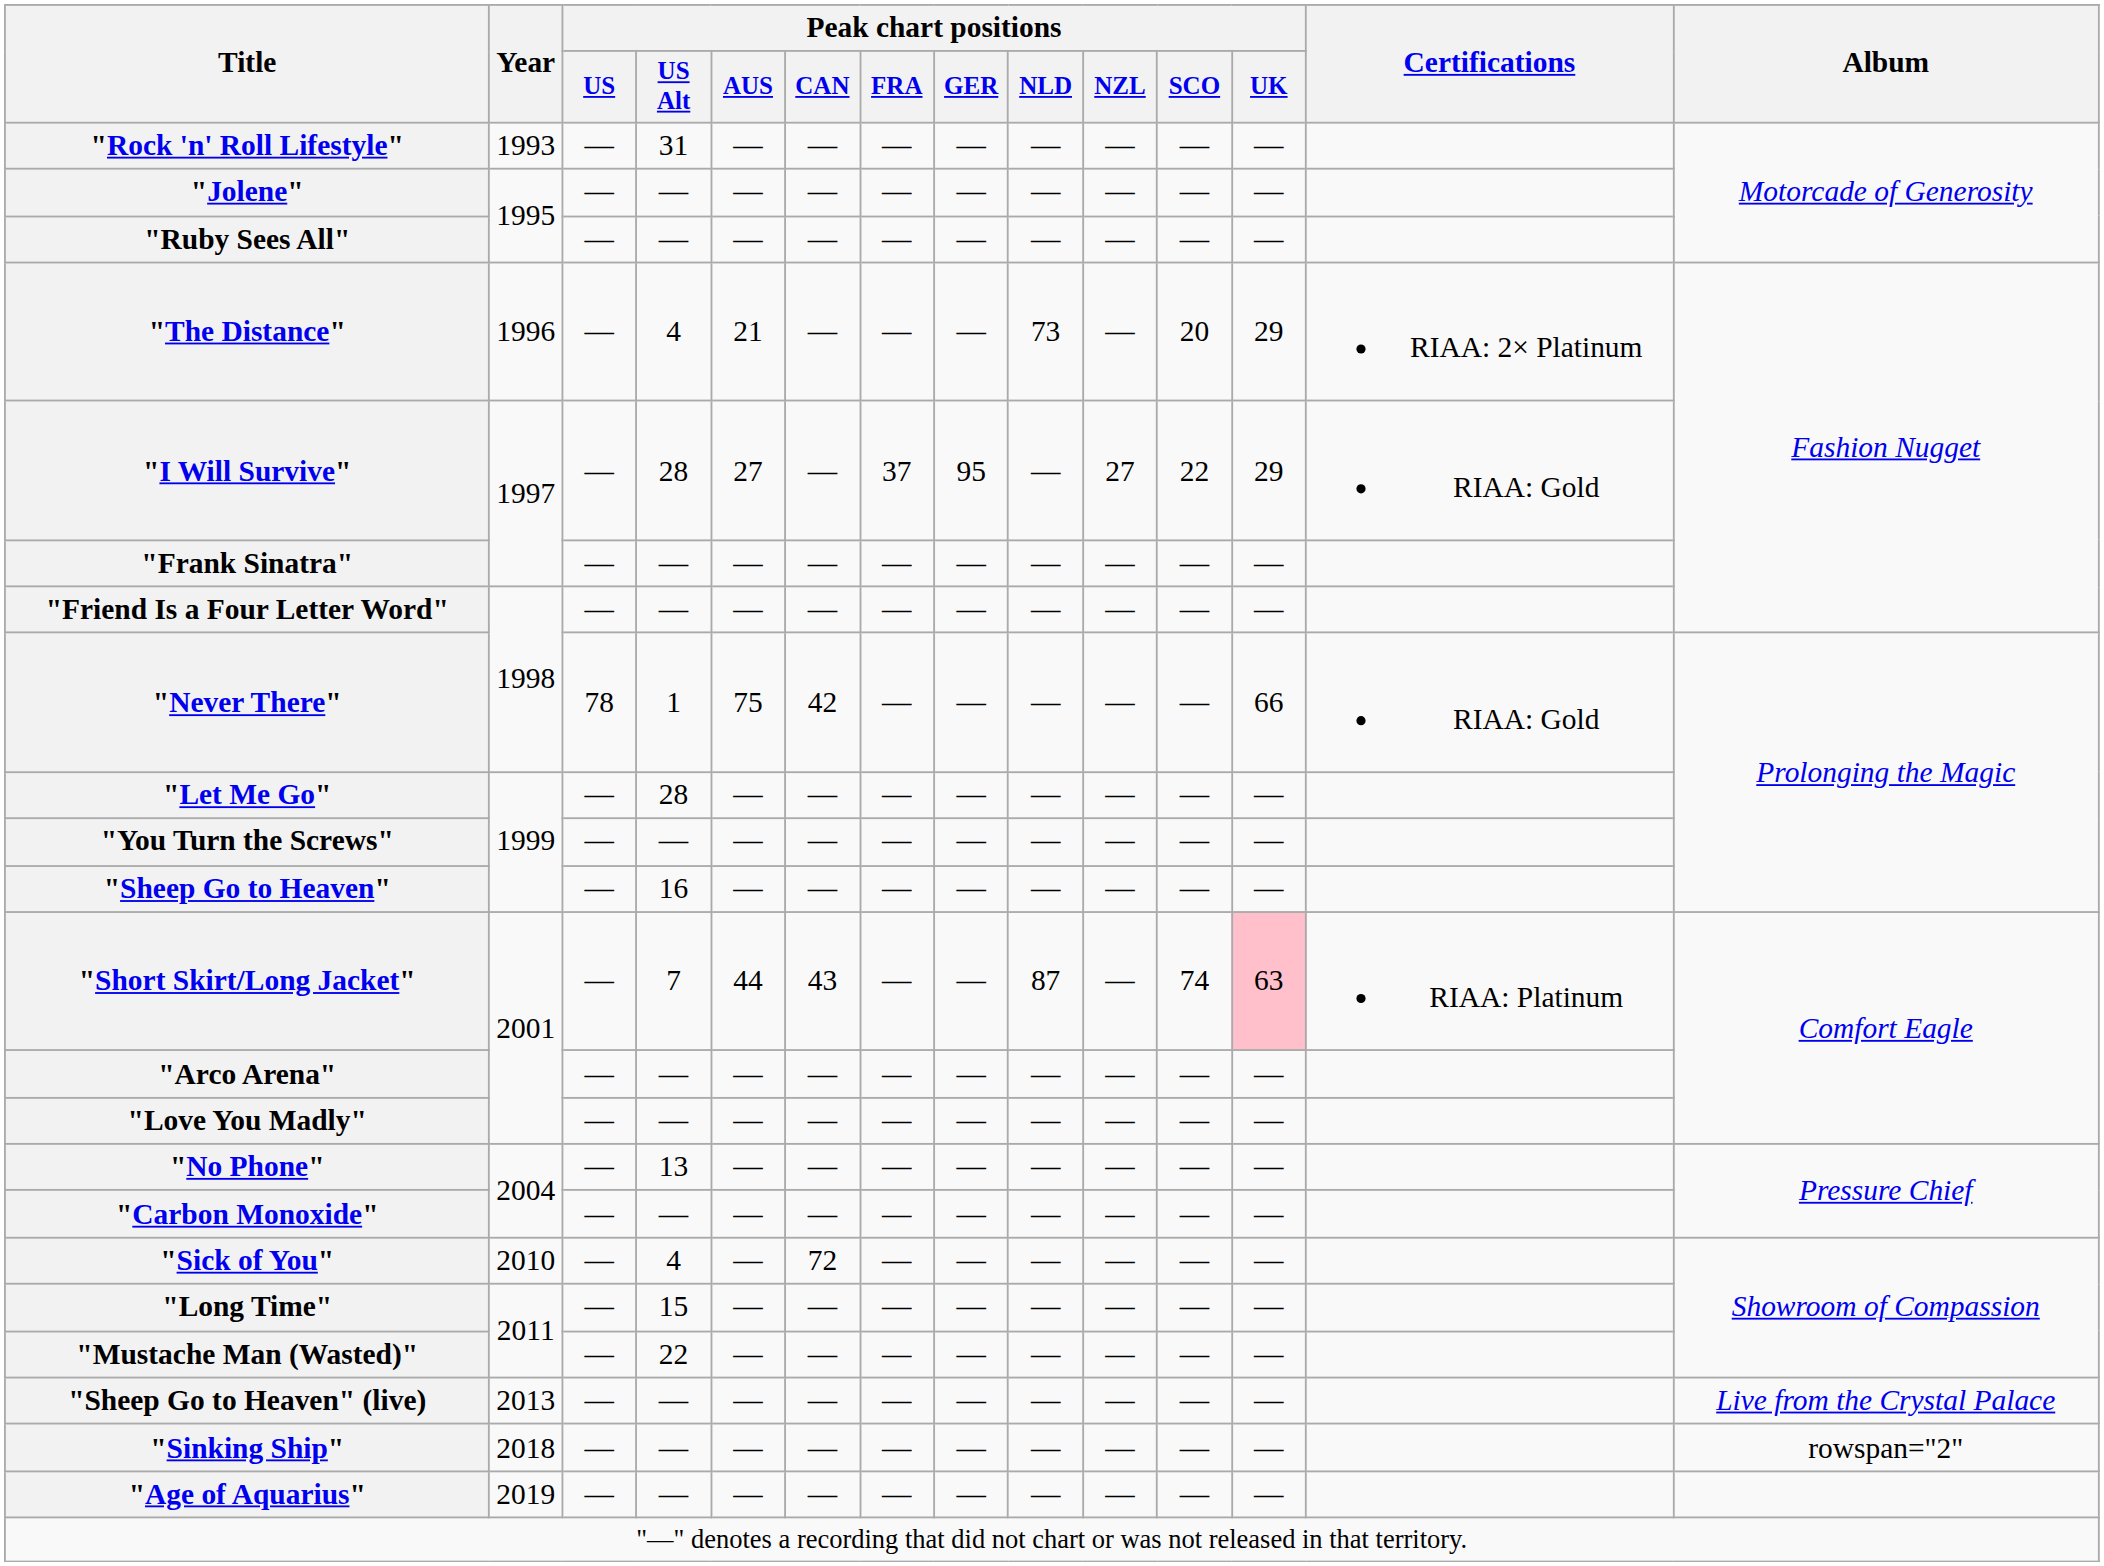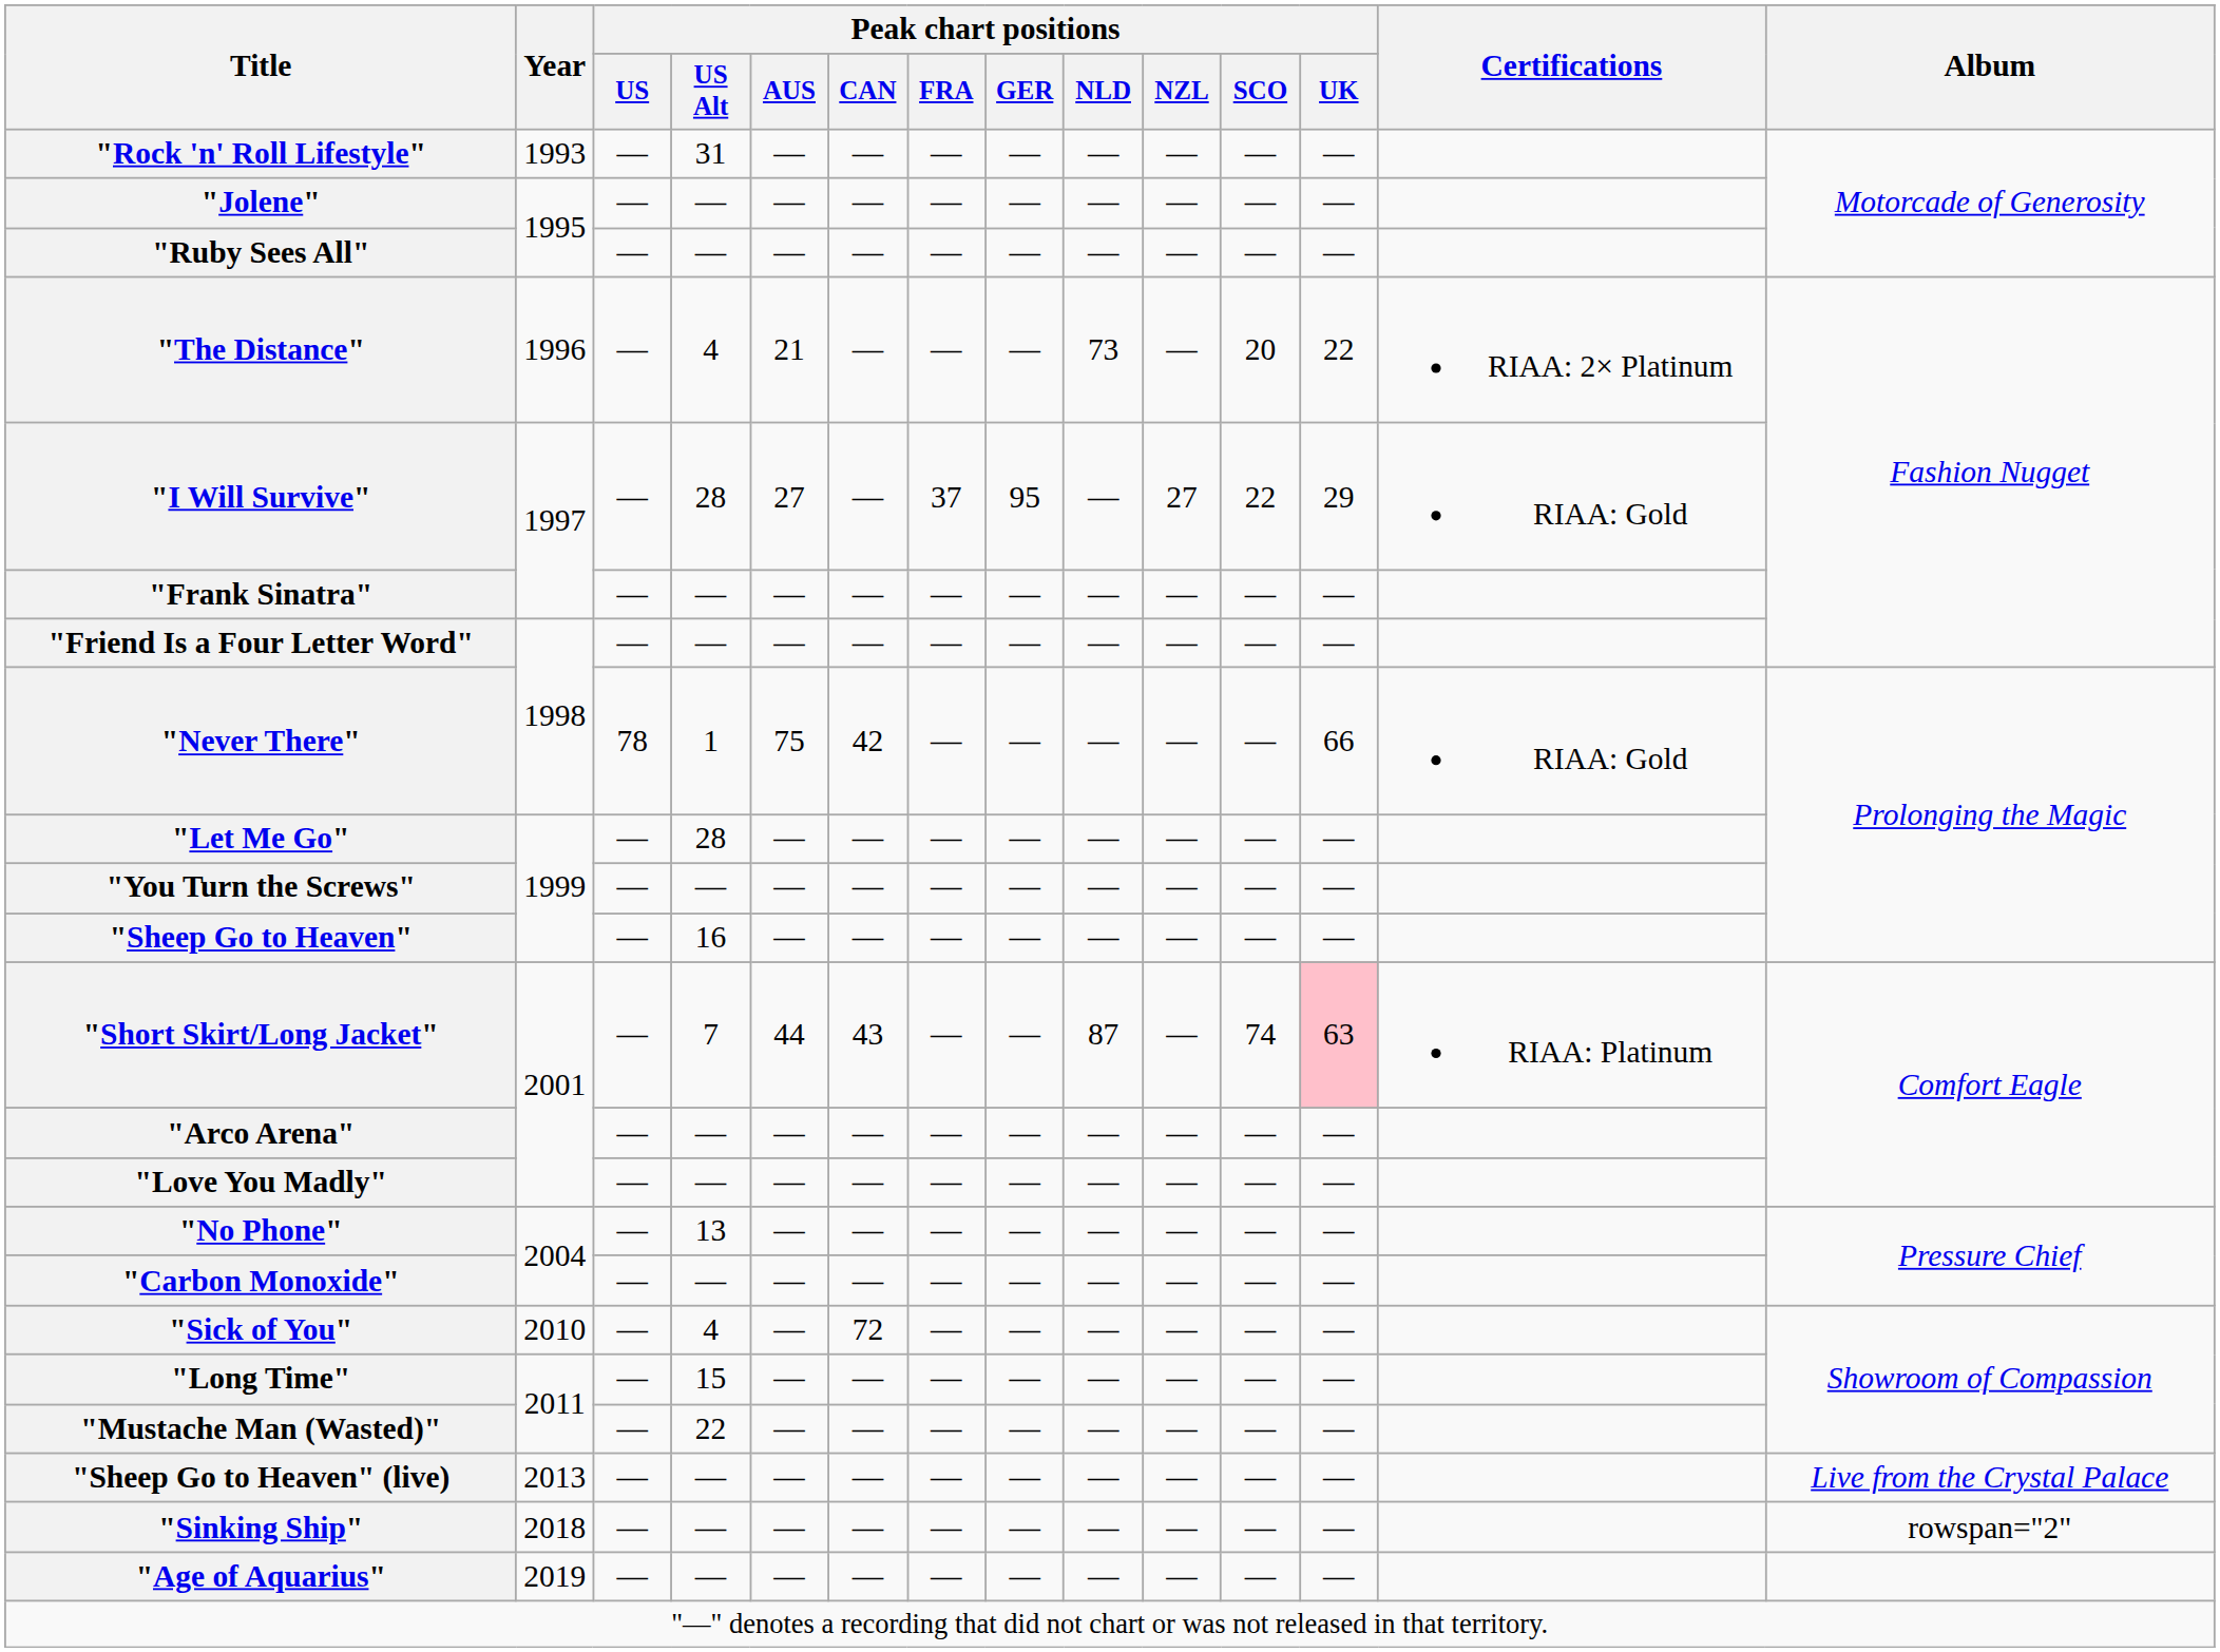 <table class="wikitable plainrowheaders" style="text-align:center;">
 <tr>
 <th scope="col" rowspan="2" style="width:16em;">Title</th>
 <th scope="col" rowspan="2" style="width:2em;">Year</th>
 <th scope="col" colspan="10">Peak chart positions</th>
 <th scope="col" rowspan="2" style="width:12em;"><a href='#'>Certifications</a></th>
 <th scope="col" rowspan="2" style="width:14em;">Album</th>
 </tr>
 <tr>
 <th scope="col" style="width:2.5em; font-size:85%;"><a href='#'>US</a><br></th>
 <th scope="col" style="width:2.5em; font-size:85%;"><a href='#'>US<br>Alt</a><br></th>
 <th scope="col" style="width:2.5em; font-size:85%;"><a href='#'>AUS</a><br></th>
 <th scope="col" style="width:2.5em; font-size:85%;"><a href='#'>CAN</a><br></th>
 <th scope="col" style="width:2.5em; font-size:85%;"><a href='#'>FRA</a><br></th>
 <th scope="col" style="width:2.5em; font-size:85%;"><a href='#'>GER</a><br></th>
 <th scope="col" style="width:2.5em; font-size:85%;"><a href='#'>NLD</a><br></th>
 <th scope="col" style="width:2.5em; font-size:85%;"><a href='#'>NZL</a><br></th>
 <th scope="col" style="width:2.5em; font-size:85%;"><a href='#'>SCO</a><br></th>
 <th scope="col" style="width:2.5em; font-size:85%;"><a href='#'>UK</a><br></th>
 </tr>
 <tr>
 <th scope="row">"<a href='#'>Rock 'n' Roll Lifestyle</a>"</th>
 <td>1993</td>
 <td>—</td>
 <td>31</td>
 <td>—</td>
 <td>—</td>
 <td>—</td>
 <td>—</td>
 <td>—</td>
 <td>—</td>
 <td>—</td>
 <td>—</td>
 <td></td>
 <td rowspan="3"><em><a href='#'>Motorcade of Generosity</a></em></td>
 </tr>
 <tr>
 <th scope="row">"<a href='#'>Jolene</a>"</th>
 <td rowspan="2">1995</td>
 <td>—</td>
 <td>—</td>
 <td>—</td>
 <td>—</td>
 <td>—</td>
 <td>—</td>
 <td>—</td>
 <td>—</td>
 <td>—</td>
 <td>—</td>
 <td></td>
 </tr>
 <tr>
 <th scope="row">"Ruby Sees All"</th>
 <td>—</td>
 <td>—</td>
 <td>—</td>
 <td>—</td>
 <td>—</td>
 <td>—</td>
 <td>—</td>
 <td>—</td>
 <td>—</td>
 <td>—</td>
 <td></td>
 </tr>
 <tr>
 <th scope="row">"<a href='#'>The Distance</a>"</th>
 <td>1996</td>
 <td align="center">—</td>
 <td>4</td>
 <td>21</td>
 <td>—</td>
 <td>—</td>
 <td>—</td>
 <td>73</td>
 <td>—</td>
 <td>20</td>
-<td>29</td>
+<td>22</td>
 <td><br><ul><li>RIAA: 2× Platinum</li></ul></td>
 <td rowspan="4"><em><a href='#'>Fashion Nugget</a></em></td>
 </tr>
 <tr>
 <th scope="row">"<a href='#'>I Will Survive</a>"</th>
 <td rowspan="2">1997</td>
 <td>—</td>
 <td>28</td>
 <td>27</td>
 <td>—</td>
 <td>37</td>
 <td>95</td>
 <td>—</td>
 <td>27</td>
 <td>22</td>
 <td>29</td>
 <td><br><ul><li>RIAA: Gold</li></ul></td>
 </tr>
 <tr>
 <th scope="row">"Frank Sinatra"</th>
 <td>—</td>
 <td>—</td>
 <td>—</td>
 <td>—</td>
 <td>—</td>
 <td>—</td>
 <td>—</td>
 <td>—</td>
 <td>—</td>
 <td>—</td>
 <td></td>
 </tr>
 <tr>
 <th scope="row">"Friend Is a Four Letter Word"</th>
 <td rowspan="2">1998</td>
 <td>—</td>
 <td>—</td>
 <td>—</td>
 <td>—</td>
 <td>—</td>
 <td>—</td>
 <td>—</td>
 <td>—</td>
 <td>—</td>
 <td>—</td>
 <td></td>
 </tr>
 <tr>
 <th scope="row">"<a href='#'>Never There</a>"</th>
 <td>78</td>
 <td>1</td>
 <td>75</td>
 <td>42</td>
 <td>—</td>
 <td>—</td>
 <td>—</td>
 <td>—</td>
 <td>—</td>
 <td>66</td>
 <td><br><ul><li>RIAA: Gold</li></ul></td>
 <td rowspan="4"><em><a href='#'>Prolonging the Magic</a></em></td>
 </tr>
 <tr>
 <th scope="row">"<a href='#'>Let Me Go</a>"</th>
 <td rowspan="3">1999</td>
 <td>—</td>
 <td>28</td>
 <td>—</td>
 <td>—</td>
 <td>—</td>
 <td>—</td>
 <td>—</td>
 <td>—</td>
 <td>—</td>
 <td>—</td>
 <td></td>
 </tr>
 <tr>
 <th scope="row">"You Turn the Screws"</th>
 <td>—</td>
 <td>—</td>
 <td>—</td>
 <td>—</td>
 <td>—</td>
 <td>—</td>
 <td>—</td>
 <td>—</td>
 <td>—</td>
 <td>—</td>
 <td></td>
 </tr>
 <tr>
 <th scope="row">"<a href='#'>Sheep Go to Heaven</a>"</th>
 <td>—</td>
 <td>16</td>
 <td>—</td>
 <td>—</td>
 <td>—</td>
 <td>—</td>
 <td>—</td>
 <td>—</td>
 <td>—</td>
 <td>—</td>
 <td></td>
 </tr>
 <tr>
 <th scope="row">"<a href='#'>Short Skirt/Long Jacket</a>"</th>
 <td rowspan="3">2001</td>
 <td>—</td>
 <td>7</td>
 <td>44</td>
 <td>43</td>
 <td>—</td>
 <td>—</td>
 <td>87</td>
 <td>—</td>
 <td>74</td>
 <td style="background: pink;">63</td>
 <td><br><ul><li>RIAA: Platinum</li></ul></td>
 <td rowspan="3"><em><a href='#'>Comfort Eagle</a></em></td>
 </tr>
 <tr>
 <th scope="row">"Arco Arena"</th>
 <td>—</td>
 <td>—</td>
 <td>—</td>
 <td>—</td>
 <td>—</td>
 <td>—</td>
 <td>—</td>
 <td>—</td>
 <td>—</td>
 <td>—</td>
 <td></td>
 </tr>
 <tr>
 <th scope="row">"Love You Madly"</th>
 <td>—</td>
 <td>—</td>
 <td>—</td>
 <td>—</td>
 <td>—</td>
 <td>—</td>
 <td>—</td>
 <td>—</td>
 <td>—</td>
 <td>—</td>
 <td></td>
 </tr>
 <tr>
 <th scope="row">"<a href='#'>No Phone</a>"</th>
 <td rowspan="2">2004</td>
 <td>—</td>
 <td>13</td>
 <td>—</td>
 <td>—</td>
 <td>—</td>
 <td>—</td>
 <td>—</td>
 <td>—</td>
 <td>—</td>
 <td>—</td>
 <td></td>
 <td rowspan="2"><em><a href='#'>Pressure Chief</a></em></td>
 </tr>
 <tr>
 <th scope="row">"<a href='#'>Carbon Monoxide</a>"</th>
 <td>—</td>
 <td>—</td>
 <td>—</td>
 <td>—</td>
 <td>—</td>
 <td>—</td>
 <td>—</td>
 <td>—</td>
 <td>—</td>
 <td>—</td>
 <td></td>
 </tr>
 <tr>
 <th scope="row">"<a href='#'>Sick of You</a>"</th>
 <td>2010</td>
 <td>—</td>
 <td>4</td>
 <td>—</td>
 <td>72</td>
 <td>—</td>
 <td>—</td>
 <td>—</td>
 <td>—</td>
 <td>—</td>
 <td>—</td>
 <td></td>
 <td rowspan="3"><em><a href='#'>Showroom of Compassion</a></em></td>
 </tr>
 <tr>
 <th scope="row">"Long Time"</th>
 <td rowspan="2">2011</td>
 <td>—</td>
 <td>15</td>
 <td>—</td>
 <td>—</td>
 <td>—</td>
 <td>—</td>
 <td>—</td>
 <td>—</td>
 <td>—</td>
 <td>—</td>
 <td></td>
 </tr>
 <tr>
 <th scope="row">"Mustache Man (Wasted)"</th>
 <td>—</td>
 <td>22</td>
 <td>—</td>
 <td>—</td>
 <td>—</td>
 <td>—</td>
 <td>—</td>
 <td>—</td>
 <td>—</td>
 <td>—</td>
 <td></td>
 </tr>
 <tr>
 <th scope="row">"Sheep Go to Heaven" (live)</th>
 <td>2013</td>
 <td>—</td>
 <td>—</td>
 <td>—</td>
 <td>—</td>
 <td>—</td>
 <td>—</td>
 <td>—</td>
 <td>—</td>
 <td>—</td>
 <td>—</td>
 <td></td>
 <td><em><a href='#'>Live from the Crystal Palace</a></em></td>
 </tr>
 <tr>
 <th scope="row">"<a href='#'>Sinking Ship</a>"</th>
 <td>2018</td>
 <td>—</td>
 <td>—</td>
 <td>—</td>
 <td>—</td>
 <td>—</td>
 <td>—</td>
 <td>—</td>
 <td>—</td>
 <td>—</td>
 <td>—</td>
 <td></td>
 <td>rowspan="2" </td>
 </tr>
 <tr>
 <th scope="row">"<a href='#'>Age of Aquarius</a>"</th>
 <td>2019</td>
 <td>—</td>
 <td>—</td>
 <td>—</td>
 <td>—</td>
 <td>—</td>
 <td>—</td>
 <td>—</td>
 <td>—</td>
 <td>—</td>
 <td>—</td>
 <td></td>
 </tr>
 <tr>
 <td colspan="19" style="font-size:90%" align="center">"—" denotes a recording that did not chart or was not released in that territory.</td>
 </tr>
 </table>
